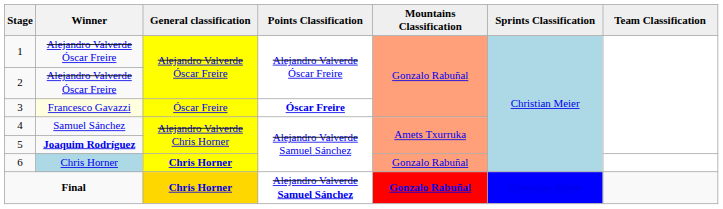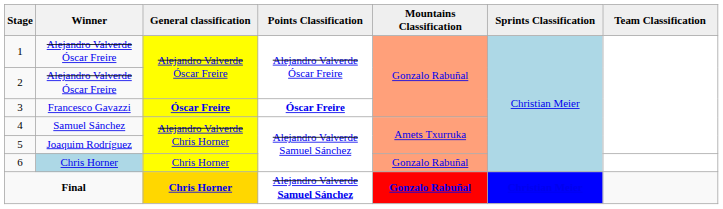 <table class="wikitable" style="text-align: center; font-size:smaller;">
 <tr>
 <th width="1%">Stage</th>
 <th width="14%">Winner</th>
 <th style="background:#EFEFEF;" width="15%">General classification<br></th>
 <th style="background:#EFEFEF;" width="15%">Points Classification<br></th>
 <th style="background:#EFEFEF;" width="15%">Mountains Classification<br></th>
 <th style="background:#EFEFEF;" width="15%">Sprints Classification<br></th>
 <th style="background:#EFEFEF;" width="15%">Team Classification</th>
 </tr>
 <tr>
 <td>1</td>
 <td><s><a href='#'>Alejandro Valverde</a></s><br><a href='#'>Óscar Freire</a></td>
 <td style="background-color:yellow;" rowspan="2"><s><a href='#'>Alejandro Valverde</a></s><br><a href='#'>Óscar Freire</a></td>
 <td style="background-color:white;" rowspan="2"><s><a href='#'>Alejandro Valverde</a></s><br><a href='#'>Óscar Freire</a></td>
 <td style="background-color:lightsalmon;" rowspan="3"><a href='#'>Gonzalo Rabuñal</a></td>
 <td style="background-color:lightblue;" rowspan="6"><a href='#'>Christian Meier</a></td>
 <td style="background-color:white;" rowspan="5"></td>
 </tr>
 <tr>
 <td>2</td>
 <td><s><a href='#'>Alejandro Valverde</a></s><br><a href='#'>Óscar Freire</a></td>
 </tr>
 <tr>
 <td>3</td>
-<td style="background: lightyellow;"><a href='#'>Francesco Gavazzi</a></td>
-<td style="background-color:yellow;" rowspan="1"><a href='#'>Óscar Freire</a></td>
+<td><a href='#'>Francesco Gavazzi</a></td>
+<td style="background-color:yellow;" rowspan="1"><strong><a href='#'>Óscar Freire</a></strong></td>
 <td style="background-color:white;" rowspan="1"><strong><a href='#'>Óscar Freire</a></strong></td>
 </tr>
 <tr>
 <td>4</td>
 <td><a href='#'>Samuel Sánchez</a></td>
 <td style="background-color:yellow;" rowspan="2"><s><a href='#'>Alejandro Valverde</a></s><br><a href='#'>Chris Horner</a></td>
 <td style="background-color:white;" rowspan="3"><s><a href='#'>Alejandro Valverde</a></s><br><a href='#'>Samuel Sánchez</a></td>
 <td style="background-color:lightsalmon;" rowspan="2"><a href='#'>Amets Txurruka</a></td>
 </tr>
 <tr>
 <td>5</td>
-<td><strong><a href='#'>Joaquim Rodríguez</a></strong></td>
+<td><a href='#'>Joaquim Rodríguez</a></td>
 </tr>
 <tr>
 <td>6</td>
 <td style="background: lightblue;"><a href='#'>Chris Horner</a></td>
-<td style="background-color:yellow;" rowspan="1"><strong><a href='#'>Chris Horner</a></strong></td>
+<td style="background-color:yellow;" rowspan="1"><a href='#'>Chris Horner</a></td>
 <td style="background-color:lightsalmon;" rowspan="1"><a href='#'>Gonzalo Rabuñal</a></td>
 <td style="background-color:white;" rowspan="1"></td>
 </tr>
 <tr>
 <td colspan="2"><strong>Final</strong><br></td>
 <td style="background-color:gold;" rowspan="1"><strong><a href='#'>Chris Horner</a></strong></td>
 <td style="background-color:white;" rowspan="1"><s><a href='#'>Alejandro Valverde</a></s><br><strong><a href='#'>Samuel Sánchez</a></strong></td>
 <td style="background-color:red;" rowspan="1"><strong><a href='#'>Gonzalo Rabuñal</a></strong></td>
 <td style="background-color:blue;" rowspan="1"><strong><a href='#'>Christian Meier</a></strong></td>
 <td style="background-color:offwhite;" rowspan="1"><strong></strong></td>
 </tr>
 </table>
